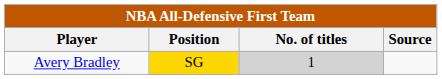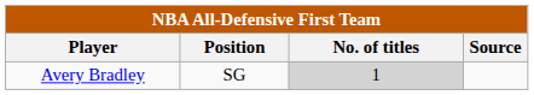 <table class="wikitable" style="text-align:center">
 <tr>
 <td colspan="5" style= "background: #BF5700; color:white"><strong>NBA All-Defensive First Team</strong></td>
 </tr>
 <tr>
 <th style="width:150px; ">Player</th>
 <th style="width:90px; ">Position</th>
 <th style="width:150px; ">No. of titles</th>
 <th style="width:50px; ">Source</th>
 </tr>
 <tr>
 <td><a href='#'>Avery Bradley</a></td>
-<td style="background: gold;">SG</td>
+<td>SG</td>
 <td style="background: lightgrey;">1</td>
 <td></td>
 </tr>
 </table>
